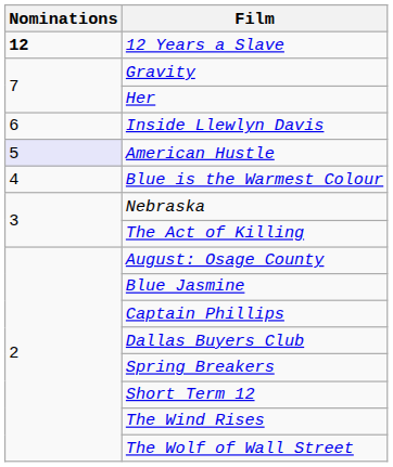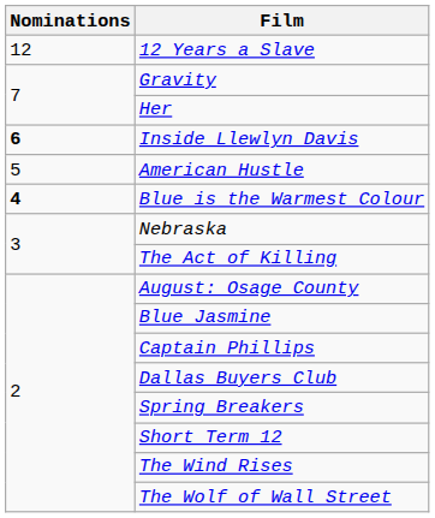 <table class="wikitable">
 <tr>
 <th>Nominations</th>
 <th>Film</th>
 </tr>
 <tr>
-<td><strong>12</strong></td>
+<td>12</td>
 <td><em><a href='#'>12 Years a Slave</a></em></td>
 </tr>
 <tr>
 <td rowspan="2">7</td>
 <td><em><a href='#'>Gravity</a></em></td>
 </tr>
 <tr>
 <td><em><a href='#'>Her</a></em></td>
 </tr>
 <tr>
-<td>6</td>
+<td><strong>6</strong></td>
 <td><em><a href='#'>Inside Llewlyn Davis</a></em></td>
 </tr>
 <tr>
-<td style="background: lavender;">5</td>
+<td>5</td>
 <td><em><a href='#'>American Hustle</a></em></td>
 </tr>
 <tr>
-<td>4</td>
+<td><strong>4</strong></td>
 <td><em><a href='#'>Blue is the Warmest Colour</a></em></td>
 </tr>
 <tr>
 <td rowspan="2">3</td>
 <td><em>Nebraska</em></td>
 </tr>
 <tr>
 <td><em><a href='#'>The Act of Killing</a></em></td>
 </tr>
 <tr>
 <td rowspan="8">2</td>
 <td><em><a href='#'>August: Osage County</a></em></td>
 </tr>
 <tr>
 <td><em><a href='#'>Blue Jasmine</a></em></td>
 </tr>
 <tr>
 <td><em><a href='#'>Captain Phillips</a></em></td>
 </tr>
 <tr>
 <td><em><a href='#'>Dallas Buyers Club</a></em></td>
 </tr>
 <tr>
 <td><em><a href='#'>Spring Breakers</a></em></td>
 </tr>
 <tr>
 <td><em><a href='#'>Short Term 12</a></em></td>
 </tr>
 <tr>
 <td><em><a href='#'>The Wind Rises</a></em></td>
 </tr>
 <tr>
 <td><em><a href='#'>The Wolf of Wall Street</a></em></td>
 </tr>
 </table>
